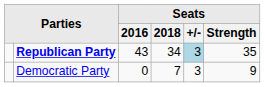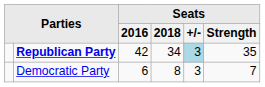 <table class=wikitable>
 <tr>
 <th style="background-color:#E9E9E9" align=center rowspan=2 colspan=2>Parties</th>
 <th style="background-color:#E9E9E9" align=center colspan=5>Seats</th>
 </tr>
 <tr bgcolor=#E9E9E9>
 <th>2016</th>
 <th>2018</th>
 <th>+/-</th>
 <th>Strength</th>
 </tr>
 <tr>
 <td style="background-color:"> </td>
 <td><strong><a href='#'>Republican Party</a></strong></td>
-<td align=right>43</td>
+<td align=right>42</td>
 <td align=right>34</td>
 <td align=right style="background: lightblue;"> 3</td>
 <td align=right>35</td>
 </tr>
 <tr>
 <td style="background-color:"> </td>
 <td><a href='#'>Democratic Party</a></td>
-<td align=right>0</td>
+<td align=right>6</td>
+<td align=right>8</td>
+<td align=right> 3</td>
 <td align=right>7</td>
-<td align=right> 3</td>
-<td align=right>9</td>
 </tr>
 </table>
